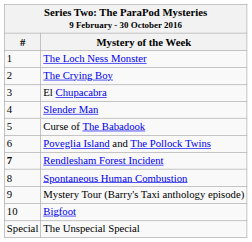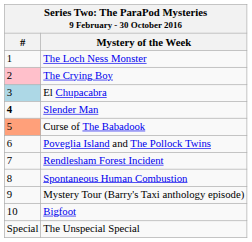 <table class="wikitable">
 <tr>
 <th colspan="3">Series Two: The ParaPod Mysteries<br><small>9 February - 30 October 2016</small></th>
 </tr>
 <tr>
 <th>#</th>
 <th>Mystery of the Week</th>
 </tr>
 <tr>
 <td>1</td>
 <td><a href='#'>The Loch Ness Monster</a></td>
 </tr>
 <tr>
-<td>2</td>
+<td style="background: pink;">2</td>
 <td><a href='#'>The Crying Boy</a></td>
 </tr>
 <tr>
-<td>3</td>
+<td style="background: lightblue;">3</td>
 <td>El <a href='#'>Chupacabra</a></td>
 </tr>
 <tr>
-<td>4</td>
+<td><strong>4</strong></td>
 <td><a href='#'>Slender Man</a></td>
 </tr>
 <tr>
-<td>5</td>
+<td style="background: lightsalmon;">5</td>
 <td>Curse of <a href='#'>The Babadook</a></td>
 </tr>
 <tr>
 <td>6</td>
 <td><a href='#'>Poveglia Island</a> and <a href='#'>The Pollock Twins</a></td>
 </tr>
 <tr>
-<td><strong>7</strong></td>
+<td>7</td>
 <td><a href='#'>Rendlesham Forest Incident</a></td>
 </tr>
 <tr>
 <td>8</td>
 <td><a href='#'>Spontaneous Human Combustion</a></td>
 </tr>
 <tr>
 <td>9</td>
 <td>Mystery Tour (Barry's Taxi anthology episode)</td>
 </tr>
 <tr>
 <td>10</td>
 <td><a href='#'>Bigfoot</a></td>
 </tr>
 <tr>
 <td>Special</td>
 <td>The Unspecial Special</td>
 </tr>
 </table>
